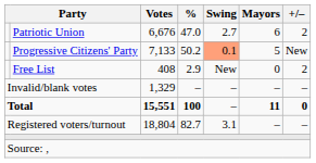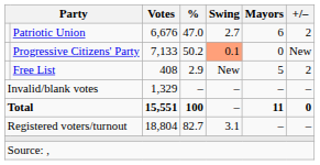 <table class="wikitable" style="text-align:right">
 <tr>
 <th colspan="2">Party</th>
 <th>Votes</th>
 <th>%</th>
 <th>Swing</th>
 <th>Mayors</th>
 <th>+/–</th>
 </tr>
 <tr>
 <td></td>
 <td align="left"><a href='#'>Patriotic Union</a></td>
 <td>6,676</td>
 <td>47.0</td>
 <td> 2.7</td>
 <td>6</td>
 <td> 2</td>
 </tr>
 <tr>
 <td></td>
 <td align="left"><a href='#'>Progressive Citizens' Party</a></td>
 <td>7,133</td>
 <td>50.2</td>
 <td style="background: lightsalmon;"> 0.1</td>
-<td>5</td>
+<td>0</td>
 <td>New</td>
 </tr>
 <tr>
 <td></td>
 <td align="left"><a href='#'>Free List</a></td>
 <td>408</td>
 <td>2.9</td>
 <td>New</td>
-<td>0</td>
+<td>5</td>
 <td> 2</td>
 </tr>
 <tr>
 <td colspan="2" align="left">Invalid/blank votes</td>
 <td>1,329</td>
 <td>–</td>
 <td>–</td>
 <td>–</td>
 <td>–</td>
 </tr>
 <tr>
 <td colspan="2" align="left"><strong>Total</strong></td>
 <td><strong>15,551</strong></td>
 <td><strong>100</strong></td>
 <td>–</td>
 <td><strong>11</strong></td>
 <td><strong>0</strong></td>
 </tr>
 <tr>
 <td colspan="2" align="left">Registered voters/turnout</td>
 <td>18,804</td>
 <td>82.7</td>
 <td> 3.1</td>
 <td>–</td>
 <td>–</td>
 </tr>
 <tr>
 <td colspan="7" style="color:inherit;background:#E9E9E9"></td>
 </tr>
 <tr>
 <td colspan="7" align="left">Source: , </td>
 </tr>
 </table>
